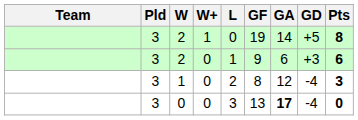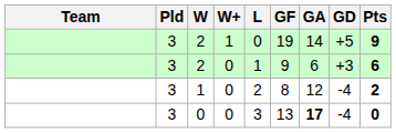 <table class="wikitable" style="text-align:center;">
 <tr>
 <th width=150>Team</th>
 <th width=20>Pld</th>
 <th width=20>W</th>
 <th width=20>W+</th>
 <th width=20>L</th>
 <th width=20>GF</th>
 <th width=20>GA</th>
 <th width=20>GD</th>
 <th width=20>Pts</th>
 </tr>
 <tr align=center style="background:#ccffcc;">
 <td align="left"></td>
 <td>3</td>
 <td>2</td>
 <td>1</td>
 <td>0</td>
 <td>19</td>
 <td>14</td>
 <td>+5</td>
-<td><strong>8</strong></td>
+<td><strong>9</strong></td>
 </tr>
 <tr align=center style="background:#ccffcc;">
 <td align="left"></td>
 <td>3</td>
 <td>2</td>
 <td>0</td>
 <td>1</td>
 <td>9</td>
 <td>6</td>
 <td>+3</td>
 <td><strong>6</strong></td>
 </tr>
 <tr align=center style="background:#ffffff;">
 <td align="left"></td>
 <td>3</td>
 <td>1</td>
 <td>0</td>
 <td>2</td>
 <td>8</td>
 <td>12</td>
 <td>-4</td>
-<td><strong>3</strong></td>
+<td><strong>2</strong></td>
 </tr>
 <tr align=center style="background:#ffffff;">
 <td align="left"></td>
 <td>3</td>
 <td>0</td>
 <td>0</td>
 <td>3</td>
 <td>13</td>
 <td><strong>17</strong></td>
 <td>-4</td>
 <td><strong>0</strong></td>
 </tr>
 </table>
